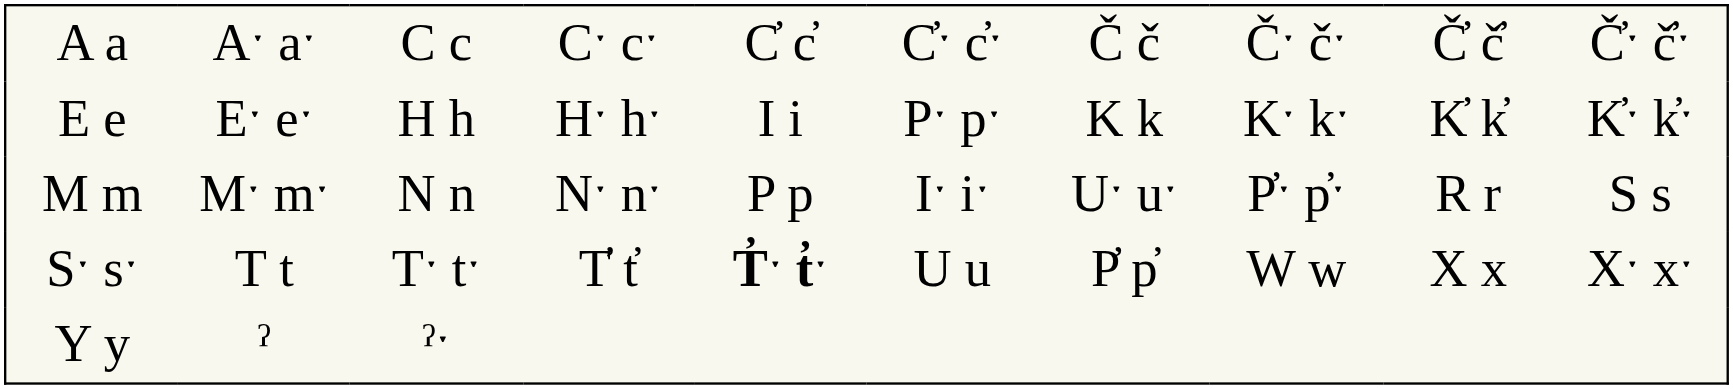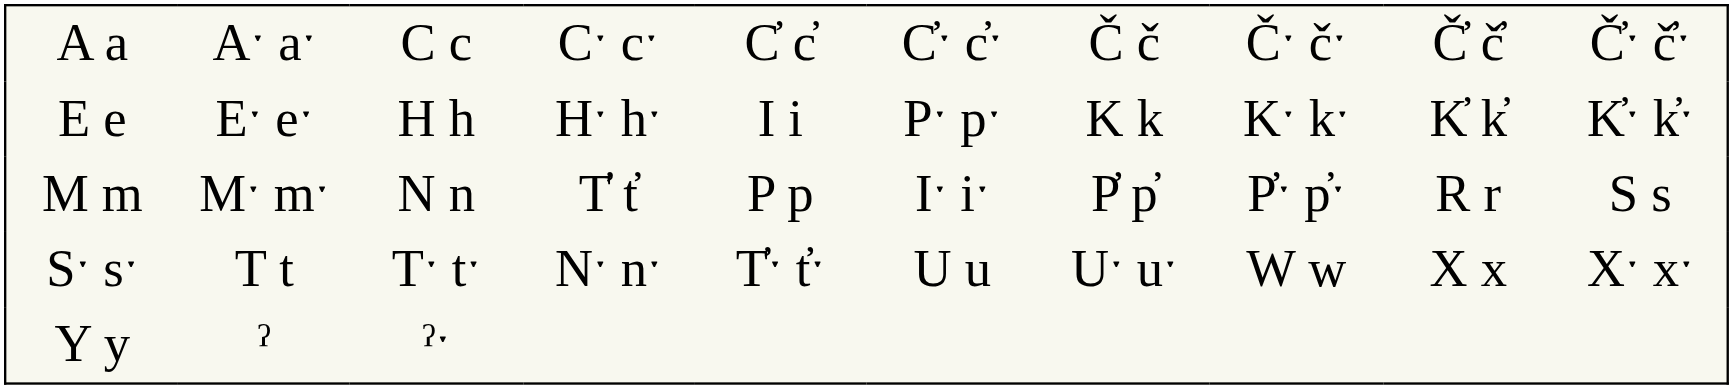 <table style="font-family:Arial Unicode MS; font-size:1.4em; border-color:#000000; border-width:1px; border-style:solid; border-collapse:collapse; background-color:#F8F8EF">
 <tr>
 <td style="width:3em; text-align:center; padding: 3px;">A a</td>
 <td style="width:3em; text-align:center; padding: 3px;">Aˑ aˑ</td>
 <td style="width:3em; text-align:center; padding: 3px;">C c</td>
 <td style="width:3em; text-align:center; padding: 3px;">Cˑ cˑ</td>
 <td style="width:3em; text-align:center; padding: 3px;">C̓ c̓</td>
 <td style="width:3em; text-align:center; padding: 3px;">C̓ˑ c̓ˑ</td>
 <td style="width:3em; text-align:center; padding: 3px;">Č č</td>
 <td style="width:3em; text-align:center; padding: 3px;">Čˑ čˑ</td>
 <td style="width:3em; text-align:center; padding: 3px;">Č̓ č̓</td>
 <td style="width:3em; text-align:center; padding: 3px;">Č̓ˑ č̓ˑ</td>
 </tr>
 <tr>
 <td style="width:3em; text-align:center; padding: 3px;">E e</td>
 <td style="width:3em; text-align:center; padding: 3px;">Eˑ eˑ</td>
 <td style="width:3em; text-align:center; padding: 3px;">H h</td>
 <td style="width:3em; text-align:center; padding: 3px;">Hˑ hˑ</td>
 <td style="width:3em; text-align:center; padding: 3px;">I i</td>
 <td style="width:3em; text-align:center; padding: 3px;">Pˑ pˑ</td>
 <td style="width:3em; text-align:center; padding: 3px;">K k</td>
 <td style="width:3em; text-align:center; padding: 3px;">Kˑ kˑ</td>
 <td style="width:3em; text-align:center; padding: 3px;">K̓ k̓</td>
 <td style="width:3em; text-align:center; padding: 3px;">K̓ˑ k̓ˑ</td>
 </tr>
 <tr>
 <td style="width:3em; text-align:center; padding: 3px;">M m</td>
 <td style="width:3em; text-align:center; padding: 3px;">Mˑ mˑ</td>
 <td style="width:3em; text-align:center; padding: 3px;">N n</td>
-<td style="width:3em; text-align:center; padding: 3px;">Nˑ nˑ</td>
+<td style="width:3em; text-align:center; padding: 3px;">T̓ t̓</td>
 <td style="width:3em; text-align:center; padding: 3px;">P p</td>
 <td style="width:3em; text-align:center; padding: 3px;">Iˑ iˑ</td>
-<td style="width:3em; text-align:center; padding: 3px;">Uˑ uˑ</td>
+<td style="width:3em; text-align:center; padding: 3px;">P̓ p̓</td>
 <td style="width:3em; text-align:center; padding: 3px;">P̓ˑ p̓ˑ</td>
 <td style="width:3em; text-align:center; padding: 3px;">R r</td>
 <td style="width:3em; text-align:center; padding: 3px;">S s</td>
 </tr>
 <tr>
 <td style="width:3em; text-align:center; padding: 3px;">Sˑ sˑ</td>
 <td style="width:3em; text-align:center; padding: 3px;">T t</td>
 <td style="width:3em; text-align:center; padding: 3px;">Tˑ tˑ</td>
-<td style="width:3em; text-align:center; padding: 3px;">T̓ t̓</td>
-<td style="width:3em; text-align:center; padding: 3px;"><strong>T̓ˑ t̓ˑ</strong></td>
+<td style="width:3em; text-align:center; padding: 3px;">Nˑ nˑ</td>
+<td style="width:3em; text-align:center; padding: 3px;">T̓ˑ t̓ˑ</td>
 <td style="width:3em; text-align:center; padding: 3px;">U u</td>
-<td style="width:3em; text-align:center; padding: 3px;">P̓ p̓</td>
+<td style="width:3em; text-align:center; padding: 3px;">Uˑ uˑ</td>
 <td style="width:3em; text-align:center; padding: 3px;">W w</td>
 <td style="width:3em; text-align:center; padding: 3px;">X x</td>
 <td style="width:3em; text-align:center; padding: 3px;">Xˑ xˑ</td>
 </tr>
 <tr>
 <td style="width:3em; text-align:center; padding: 3px;">Y y</td>
 <td style="width:3em; text-align:center; padding: 3px;">ˀ</td>
 <td style="width:3em; text-align:center; padding: 3px;">ˀˑ</td>
 <td></td>
 <td></td>
 <td></td>
 <td></td>
 <td></td>
 <td></td>
 <td></td>
 </tr>
 </table>
